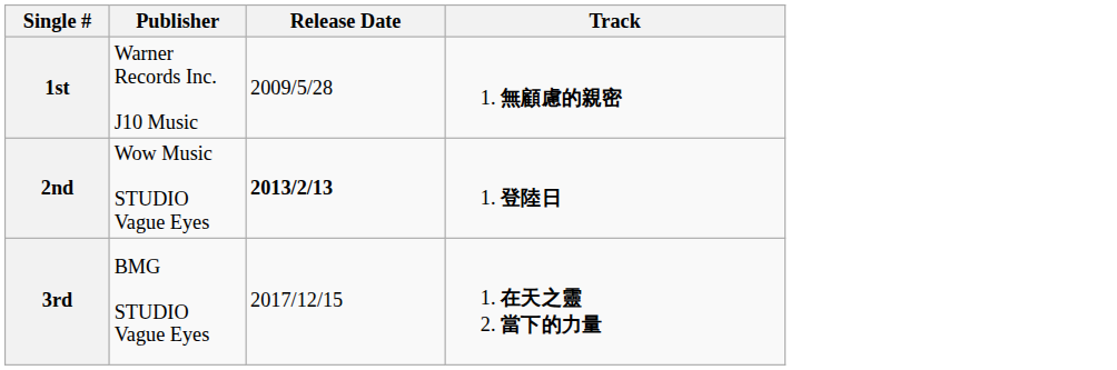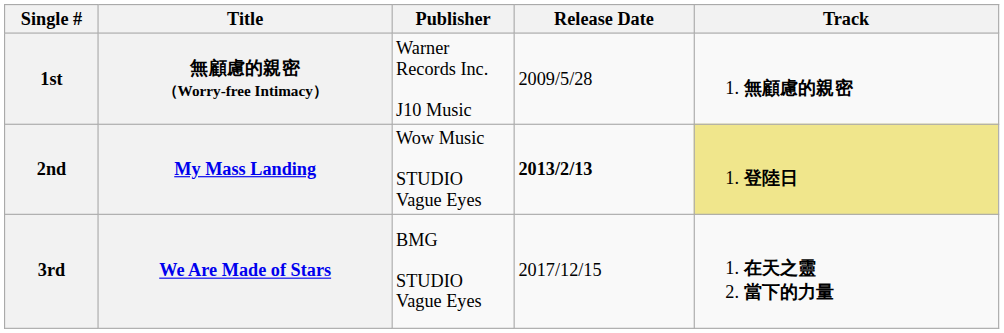 <table class="wikitable">
 <tr>
 <th align="left" width="75px">Single #</th>
+<th align="left" width="250px">Title</th>
 <th align="left" width="100px">Publisher</th>
 <th align="left" width="150px">Release Date</th>
 <th align="left" width="260px">Track</th>
 </tr>
 <tr>
 <th><strong>1st</strong></th>
+<th>無顧慮的親密<br><small>（Worry-free Intimacy）</small></th>
 <td>Warner Records Inc.<br><br>J10 Music</td>
 <td>2009/5/28</td>
 <td><br><ol><li><strong>無顧慮的親密</strong></li></ol></td>
 </tr>
 <tr>
 <th><strong>2nd</strong></th>
+<th><a href='#'>My Mass Landing</a></th>
 <td>Wow Music<br><br>STUDIO Vague Eyes</td>
 <td><strong>2013/2/13</strong></td>
-<td><br><ol><li><strong>登陸日</strong></li></ol></td>
+<td style="background: khaki;"><br><ol><li><strong>登陸日</strong></li></ol></td>
 </tr>
 <tr>
 <th><strong>3rd</strong></th>
+<th><a href='#'>We Are Made of Stars</a></th>
 <td>BMG<br><br>STUDIO Vague Eyes</td>
 <td>2017/12/15</td>
 <td><br><ol><li><strong>在天之靈</strong></li><li><strong>當下的力量</strong></li></ol></td>
 </tr>
 </table>
